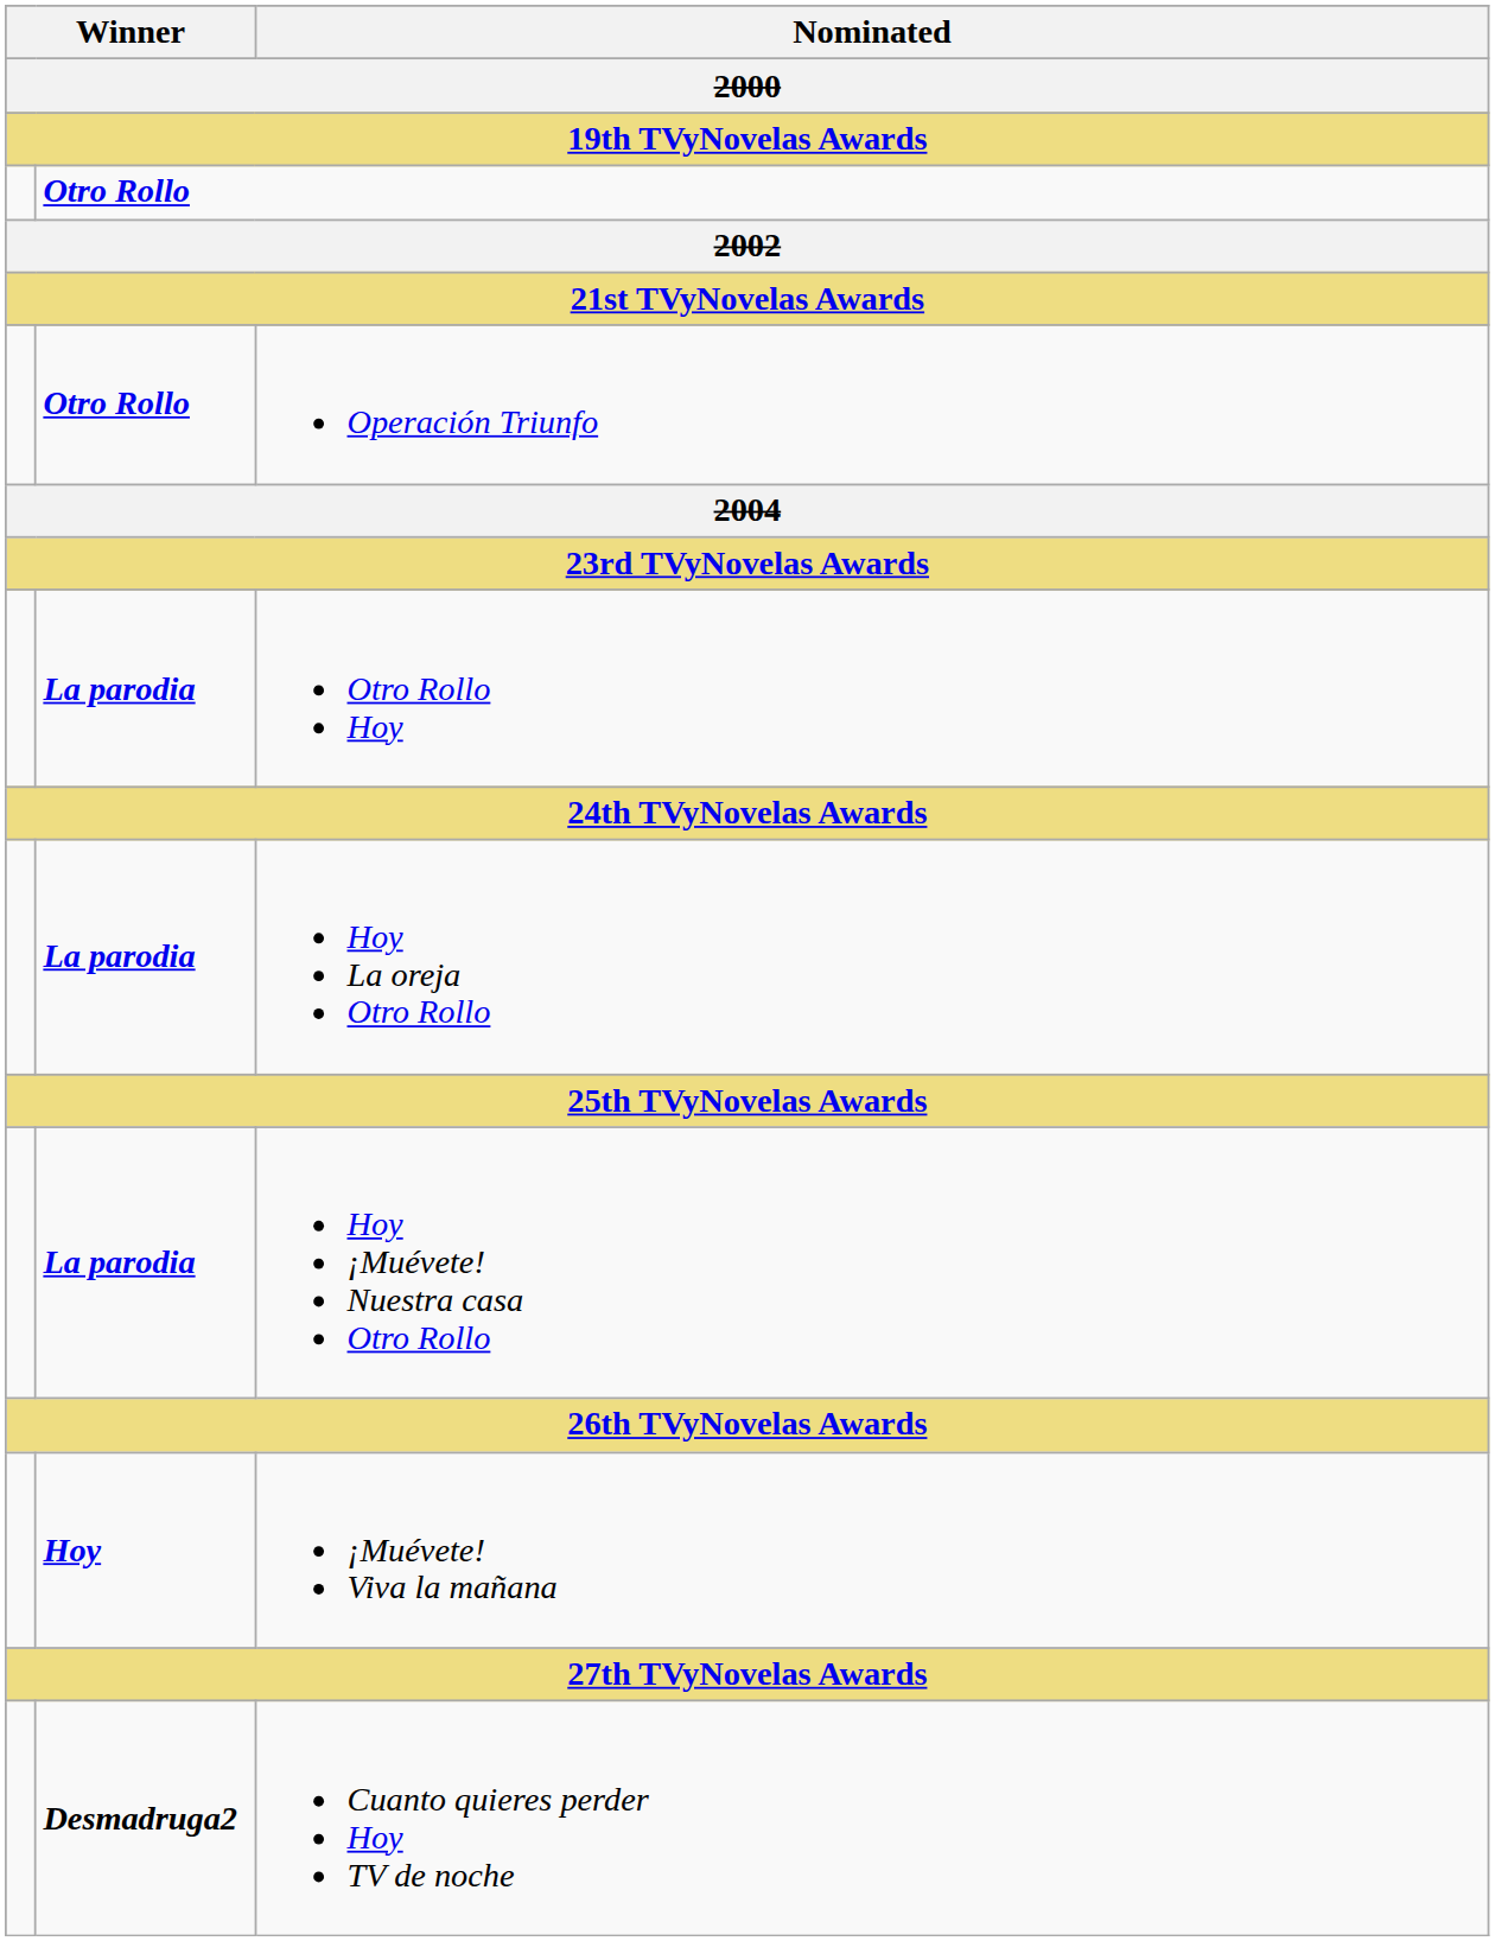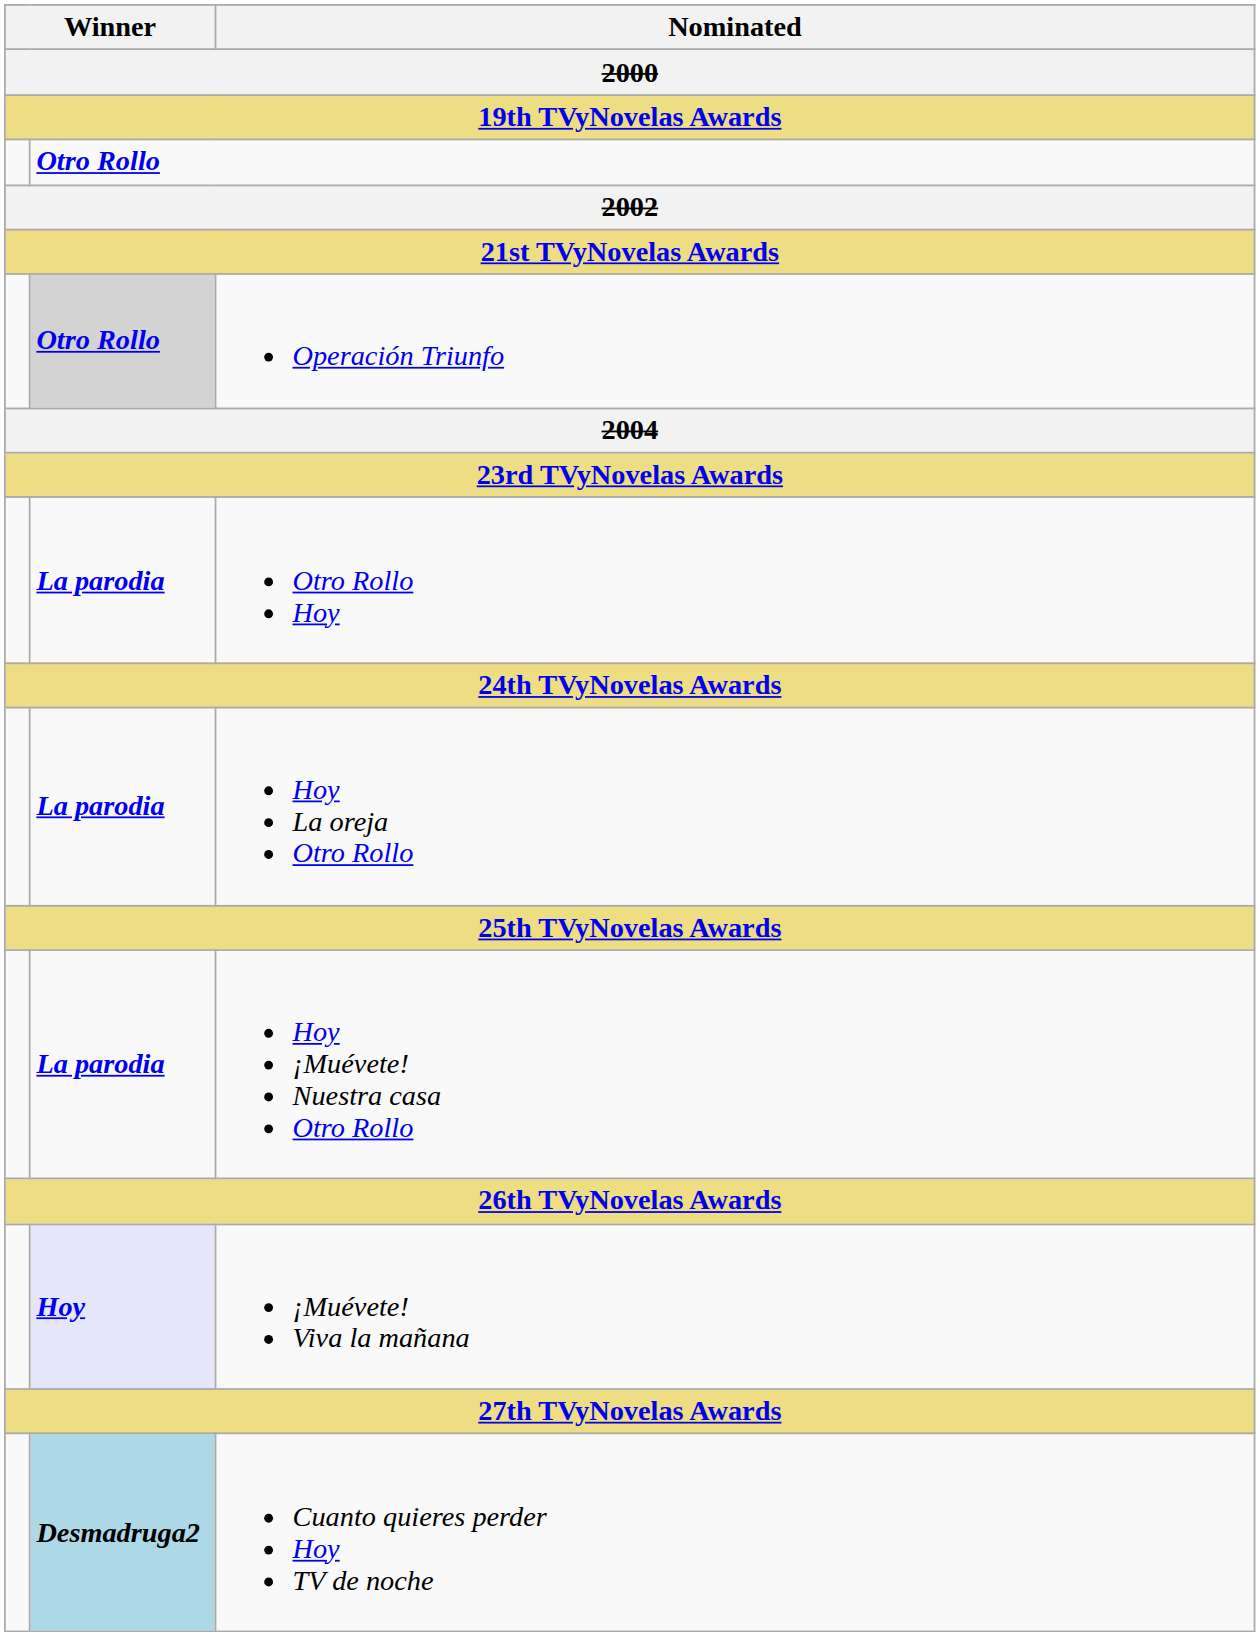 <table class="wikitable" width=80%>
 <tr align=center>
 <th width="150px;" colspan=2; align="center">Winner</th>
 <th width="580px;" align="center">Nominated</th>
 </tr>
 <tr>
 <th colspan=9 align="center"><s>2000</s></th>
 </tr>
 <tr>
 <th colspan=9 style="background:#EEDD82;"  align="center"><strong><a href='#'>19th TVyNovelas Awards</a></strong></th>
 </tr>
 <tr>
 <td width=2%></td>
 <td colspan=2><strong><em><a href='#'>Otro Rollo</a></em></strong></td>
 </tr>
 <tr>
 <th colspan=9 align="center"><s>2002</s></th>
 </tr>
 <tr>
 <th colspan=9 style="background:#EEDD82;"  align="center"><strong><a href='#'>21st TVyNovelas Awards</a></strong></th>
 </tr>
 <tr>
 <td width=2%></td>
-<td><strong><em><a href='#'>Otro Rollo</a></em></strong></td>
+<td style="background: lightgrey;"><strong><em><a href='#'>Otro Rollo</a></em></strong></td>
 <td><br><ul><li><em><a href='#'>Operación Triunfo</a></em></li></ul></td>
 </tr>
 <tr>
 <th colspan=9 align="center"><s>2004</s></th>
 </tr>
 <tr>
 <th colspan=9 style="background:#EEDD82;"  align="center"><strong><a href='#'>23rd TVyNovelas Awards</a></strong></th>
 </tr>
 <tr>
 <td width=2%></td>
 <td><strong><em><a href='#'>La parodia</a></em></strong></td>
 <td><br><ul><li><em><a href='#'>Otro Rollo</a></em></li><li><em><a href='#'>Hoy</a></em></li></ul></td>
 </tr>
 <tr>
 <th colspan=9 style="background:#EEDD82;"  align="center"><strong><a href='#'>24th TVyNovelas Awards</a></strong></th>
 </tr>
 <tr>
 <td width=2%></td>
 <td><strong><em><a href='#'>La parodia</a></em></strong></td>
 <td><br><ul><li><em><a href='#'>Hoy</a></em></li><li><em>La oreja</em></li><li><em><a href='#'>Otro Rollo</a></em></li></ul></td>
 </tr>
 <tr>
 <th colspan=9 style="background:#EEDD82;"  align="center"><strong><a href='#'>25th TVyNovelas Awards</a></strong></th>
 </tr>
 <tr>
 <td width=2%></td>
 <td><strong><em><a href='#'>La parodia</a></em></strong></td>
 <td><br><ul><li><em><a href='#'>Hoy</a></em></li><li><em>¡Muévete!</em></li><li><em>Nuestra casa</em></li><li><em><a href='#'>Otro Rollo</a></em></li></ul></td>
 </tr>
 <tr>
 <th colspan=9 style="background:#EEDD82;"  align="center"><strong><a href='#'>26th TVyNovelas Awards</a></strong></th>
 </tr>
 <tr>
 <td width=2%></td>
-<td><strong><em><a href='#'>Hoy</a></em></strong></td>
+<td style="background: lavender;"><strong><em><a href='#'>Hoy</a></em></strong></td>
 <td><br><ul><li><em>¡Muévete!</em></li><li><em>Viva la mañana</em></li></ul></td>
 </tr>
 <tr>
 <th colspan=9 style="background:#EEDD82;"  align="center"><strong><a href='#'>27th TVyNovelas Awards</a></strong></th>
 </tr>
 <tr>
 <td width=2%></td>
-<td><strong><em>Desmadruga2</em></strong></td>
+<td style="background: lightblue;"><strong><em>Desmadruga2</em></strong></td>
 <td><br><ul><li><em>Cuanto quieres perder</em></li><li><em><a href='#'>Hoy</a></em></li><li><em>TV de noche</em></li></ul></td>
 </tr>
 </table>
